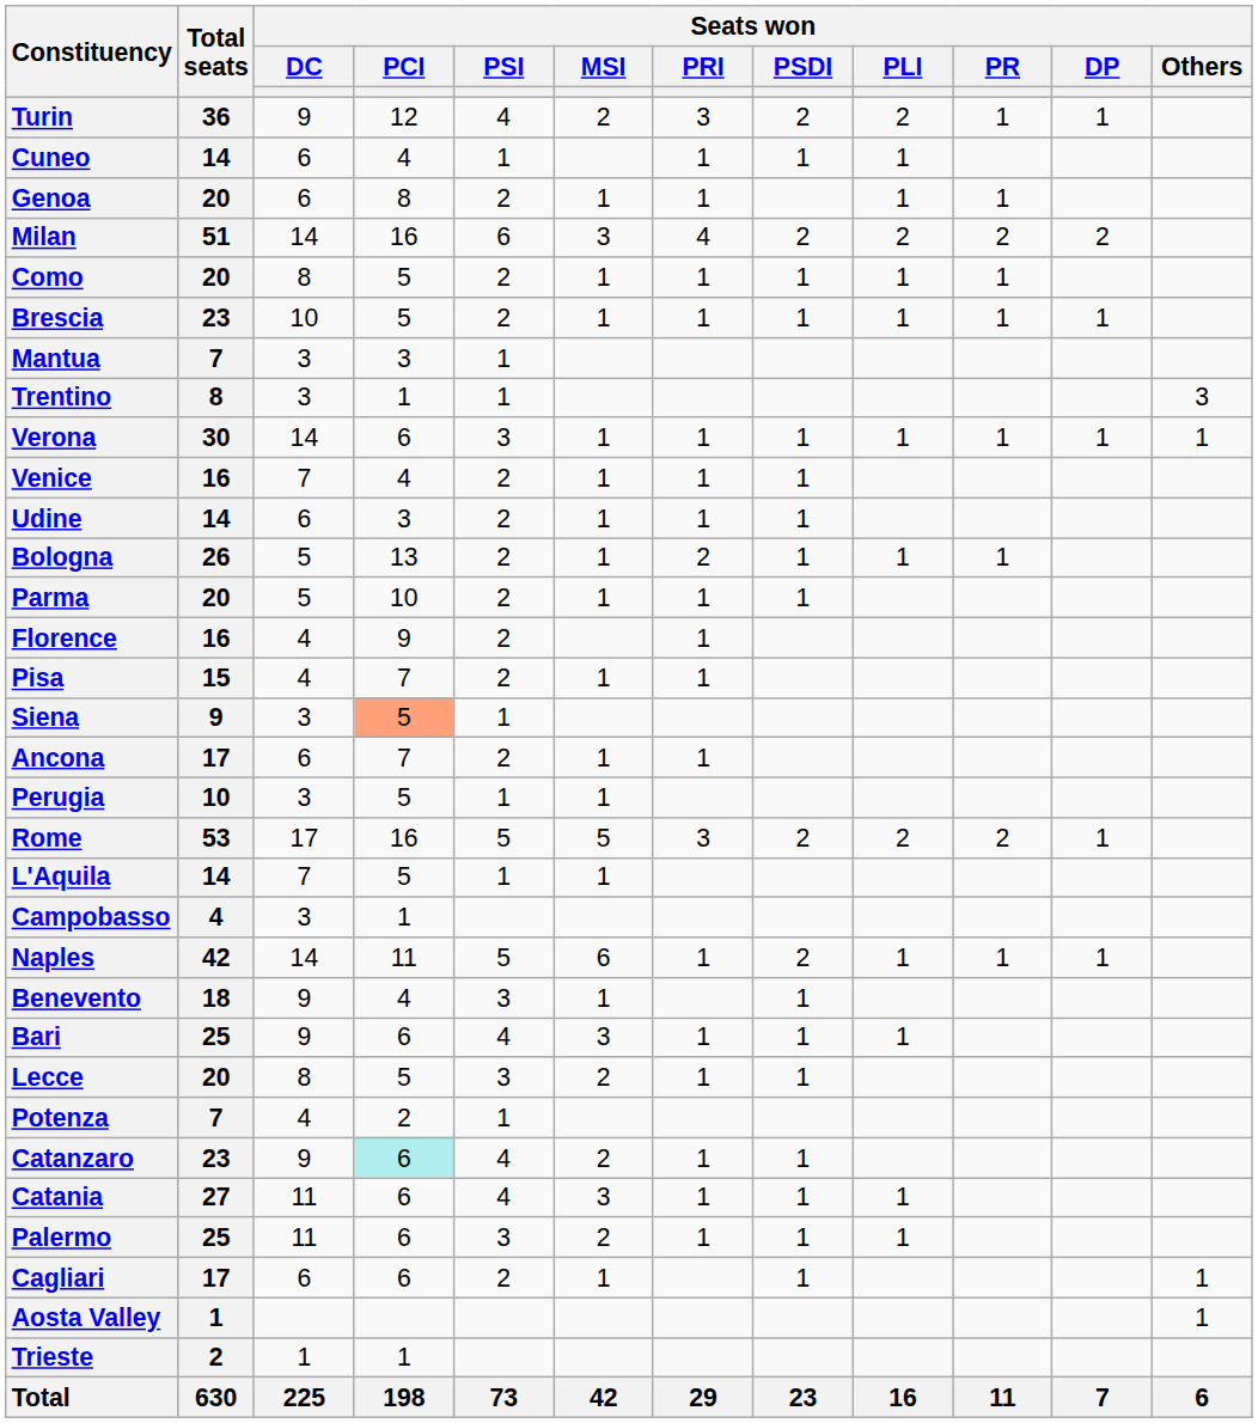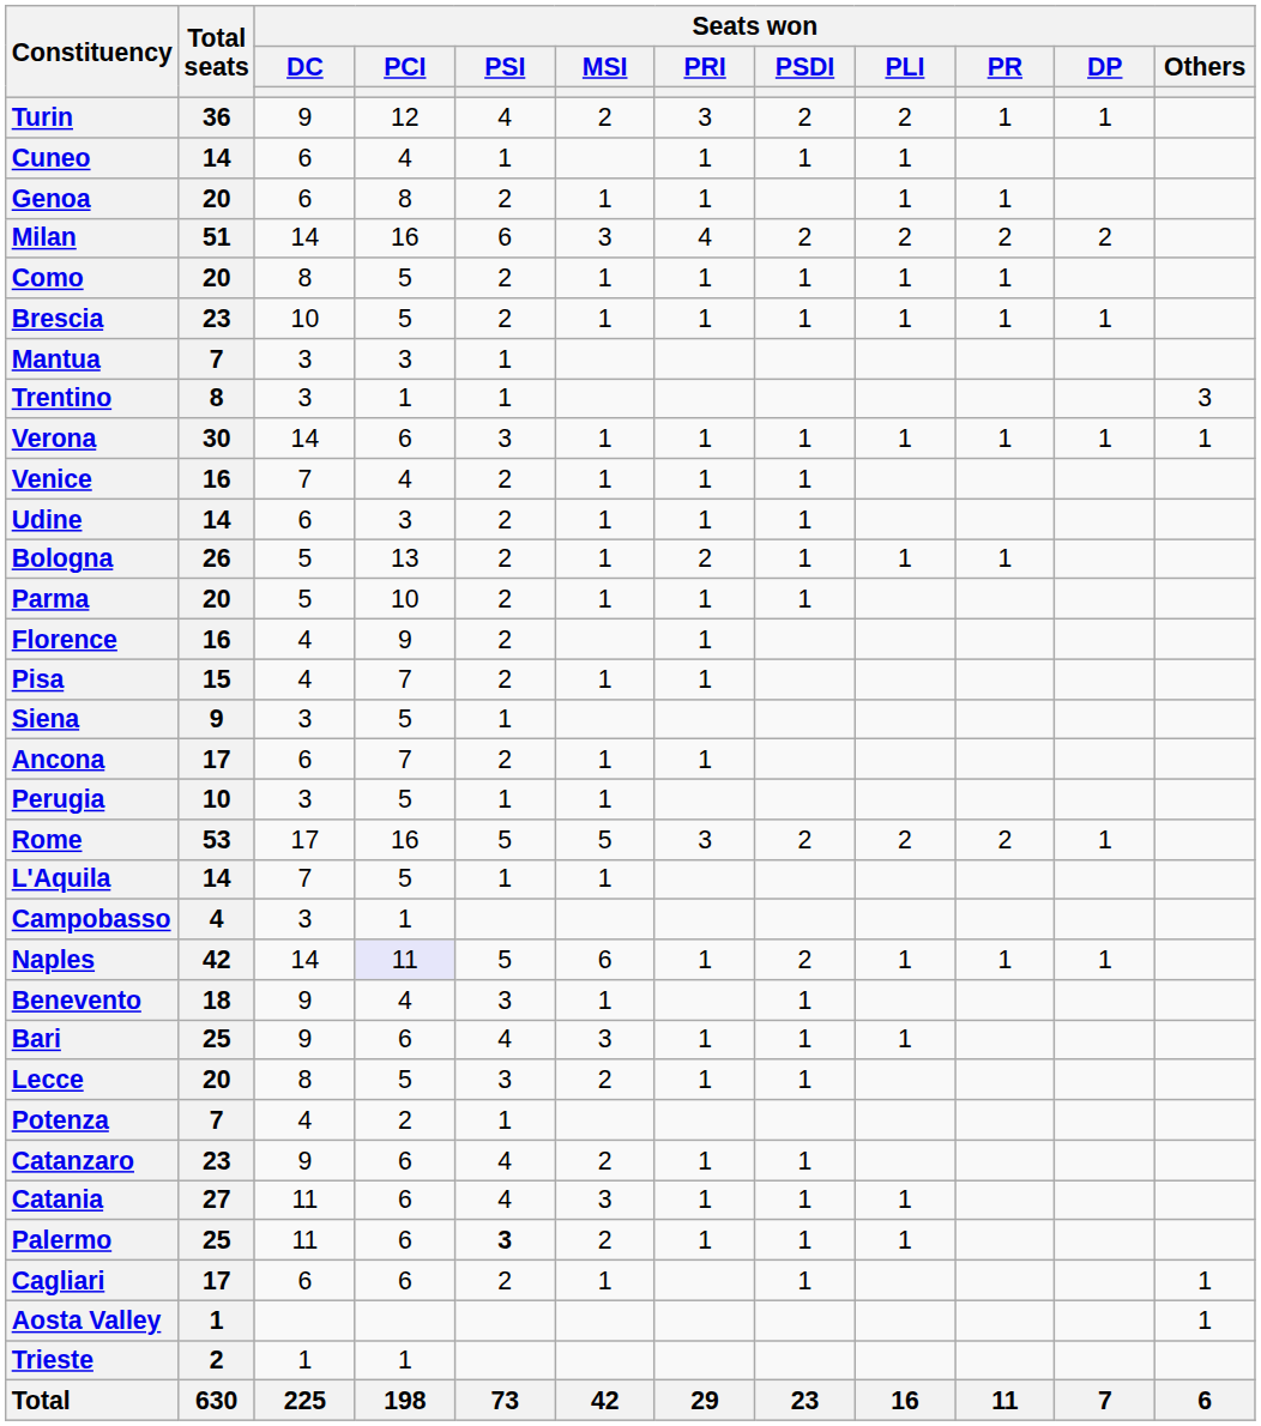 <table class="wikitable" style="text-align:center; font-size: 0.9em">
 <tr>
 <th rowspan="3">Constituency</th>
 <th rowspan="3">Total<br>seats</th>
 <th colspan="10">Seats won</th>
 </tr>
 <tr>
 <th class="unsortable" style="width:50px;"><a href='#'>DC</a></th>
 <th class="unsortable" style="width:50px;"><a href='#'>PCI</a></th>
 <th class="unsortable" style="width:50px;"><a href='#'>PSI</a></th>
 <th class="unsortable" style="width:50px;"><a href='#'>MSI</a></th>
 <th class="unsortable" style="width:50px;"><a href='#'>PRI</a></th>
 <th class="unsortable" style="width:50px;"><a href='#'>PSDI</a></th>
 <th class="unsortable" style="width:50px;"><a href='#'>PLI</a></th>
 <th class="unsortable" style="width:50px;"><a href='#'>PR</a></th>
 <th class="unsortable" style="width:50px;"><a href='#'>DP</a></th>
 <th class="unsortable" style="width:50px;">Others</th>
 </tr>
 <tr>
 <th style="background:"></th>
 <th style="background:"></th>
 <th style="background:"></th>
 <th style="background:"></th>
 <th style="background:"></th>
 <th style="background:"></th>
 <th style="background:"></th>
 <th style="background:"></th>
 <th style="background:"></th>
 <th style="background:"></th>
 </tr>
 <tr>
 <th style="text-align: left;"><a href='#'>Turin</a></th>
 <th>36</th>
 <td>9</td>
 <td>12</td>
 <td>4</td>
 <td>2</td>
 <td>3</td>
 <td>2</td>
 <td>2</td>
 <td>1</td>
 <td>1</td>
 <td></td>
 </tr>
 <tr>
 <th style="text-align: left;"><a href='#'>Cuneo</a></th>
 <th>14</th>
 <td>6</td>
 <td>4</td>
 <td>1</td>
 <td></td>
 <td>1</td>
 <td>1</td>
 <td>1</td>
 <td></td>
 <td></td>
 <td></td>
 </tr>
 <tr>
 <th style="text-align: left;"><a href='#'>Genoa</a></th>
 <th>20</th>
 <td>6</td>
 <td>8</td>
 <td>2</td>
 <td>1</td>
 <td>1</td>
 <td></td>
 <td>1</td>
 <td>1</td>
 <td></td>
 <td></td>
 </tr>
 <tr>
 <th style="text-align: left;"><a href='#'>Milan</a></th>
 <th>51</th>
 <td>14</td>
 <td>16</td>
 <td>6</td>
 <td>3</td>
 <td>4</td>
 <td>2</td>
 <td>2</td>
 <td>2</td>
 <td>2</td>
 <td></td>
 </tr>
 <tr>
 <th style="text-align: left;"><a href='#'>Como</a></th>
 <th>20</th>
 <td>8</td>
 <td>5</td>
 <td>2</td>
 <td>1</td>
 <td>1</td>
 <td>1</td>
 <td>1</td>
 <td>1</td>
 <td></td>
 <td></td>
 </tr>
 <tr>
 <th style="text-align: left;"><a href='#'>Brescia</a></th>
 <th>23</th>
 <td>10</td>
 <td>5</td>
 <td>2</td>
 <td>1</td>
 <td>1</td>
 <td>1</td>
 <td>1</td>
 <td>1</td>
 <td>1</td>
 <td></td>
 </tr>
 <tr>
 <th style="text-align: left;"><a href='#'>Mantua</a></th>
 <th>7</th>
 <td>3</td>
 <td>3</td>
 <td>1</td>
 <td></td>
 <td></td>
 <td></td>
 <td></td>
 <td></td>
 <td></td>
 <td></td>
 </tr>
 <tr>
 <th style="text-align: left;"><a href='#'>Trentino</a></th>
 <th>8</th>
 <td>3</td>
 <td>1</td>
 <td>1</td>
 <td></td>
 <td></td>
 <td></td>
 <td></td>
 <td></td>
 <td></td>
 <td>3</td>
 </tr>
 <tr>
 <th style="text-align: left;"><a href='#'>Verona</a></th>
 <th>30</th>
 <td>14</td>
 <td>6</td>
 <td>3</td>
 <td>1</td>
 <td>1</td>
 <td>1</td>
 <td>1</td>
 <td>1</td>
 <td>1</td>
 <td>1</td>
 </tr>
 <tr>
 <th style="text-align: left;"><a href='#'>Venice</a></th>
 <th>16</th>
 <td>7</td>
 <td>4</td>
 <td>2</td>
 <td>1</td>
 <td>1</td>
 <td>1</td>
 <td></td>
 <td></td>
 <td></td>
 <td></td>
 </tr>
 <tr>
 <th style="text-align: left;"><a href='#'>Udine</a></th>
 <th>14</th>
 <td>6</td>
 <td>3</td>
 <td>2</td>
 <td>1</td>
 <td>1</td>
 <td>1</td>
 <td></td>
 <td></td>
 <td></td>
 <td></td>
 </tr>
 <tr>
 <th style="text-align: left;"><a href='#'>Bologna</a></th>
 <th>26</th>
 <td>5</td>
 <td>13</td>
 <td>2</td>
 <td>1</td>
 <td>2</td>
 <td>1</td>
 <td>1</td>
 <td>1</td>
 <td></td>
 <td></td>
 </tr>
 <tr>
 <th style="text-align: left;"><a href='#'>Parma</a></th>
 <th>20</th>
 <td>5</td>
 <td>10</td>
 <td>2</td>
 <td>1</td>
 <td>1</td>
 <td>1</td>
 <td></td>
 <td></td>
 <td></td>
 <td></td>
 </tr>
 <tr>
 <th style="text-align: left;"><a href='#'>Florence</a></th>
 <th>16</th>
 <td>4</td>
 <td>9</td>
 <td>2</td>
 <td></td>
 <td>1</td>
 <td></td>
 <td></td>
 <td></td>
 <td></td>
 <td></td>
 </tr>
 <tr>
 <th style="text-align: left;"><a href='#'>Pisa</a></th>
 <th>15</th>
 <td>4</td>
 <td>7</td>
 <td>2</td>
 <td>1</td>
 <td>1</td>
 <td></td>
 <td></td>
 <td></td>
 <td></td>
 <td></td>
 </tr>
 <tr>
 <th style="text-align: left;"><a href='#'>Siena</a></th>
 <th>9</th>
 <td>3</td>
-<td style="background: lightsalmon;">5</td>
+<td>5</td>
 <td>1</td>
 <td></td>
 <td></td>
 <td></td>
 <td></td>
 <td></td>
 <td></td>
 <td></td>
 </tr>
 <tr>
 <th style="text-align: left;"><a href='#'>Ancona</a></th>
 <th>17</th>
 <td>6</td>
 <td>7</td>
 <td>2</td>
 <td>1</td>
 <td>1</td>
 <td></td>
 <td></td>
 <td></td>
 <td></td>
 <td></td>
 </tr>
 <tr>
 <th style="text-align: left;"><a href='#'>Perugia</a></th>
 <th>10</th>
 <td>3</td>
 <td>5</td>
 <td>1</td>
 <td>1</td>
 <td></td>
 <td></td>
 <td></td>
 <td></td>
 <td></td>
 <td></td>
 </tr>
 <tr>
 <th style="text-align: left;"><a href='#'>Rome</a></th>
 <th>53</th>
 <td>17</td>
 <td>16</td>
 <td>5</td>
 <td>5</td>
 <td>3</td>
 <td>2</td>
 <td>2</td>
 <td>2</td>
 <td>1</td>
 <td></td>
 </tr>
 <tr>
 <th style="text-align: left;"><a href='#'>L'Aquila</a></th>
 <th>14</th>
 <td>7</td>
 <td>5</td>
 <td>1</td>
 <td>1</td>
 <td></td>
 <td></td>
 <td></td>
 <td></td>
 <td></td>
 <td></td>
 </tr>
 <tr>
 <th style="text-align: left;"><a href='#'>Campobasso</a></th>
 <th>4</th>
 <td>3</td>
 <td>1</td>
 <td></td>
 <td></td>
 <td></td>
 <td></td>
 <td></td>
 <td></td>
 <td></td>
 <td></td>
 </tr>
 <tr>
 <th style="text-align: left;"><a href='#'>Naples</a></th>
 <th>42</th>
 <td>14</td>
-<td>11</td>
+<td style="background: lavender;">11</td>
 <td>5</td>
 <td>6</td>
 <td>1</td>
 <td>2</td>
 <td>1</td>
 <td>1</td>
 <td>1</td>
 <td></td>
 </tr>
 <tr>
 <th style="text-align: left;"><a href='#'>Benevento</a></th>
 <th>18</th>
 <td>9</td>
 <td>4</td>
 <td>3</td>
 <td>1</td>
 <td></td>
 <td>1</td>
 <td></td>
 <td></td>
 <td></td>
 <td></td>
 </tr>
 <tr>
 <th style="text-align: left;"><a href='#'>Bari</a></th>
 <th>25</th>
 <td>9</td>
 <td>6</td>
 <td>4</td>
 <td>3</td>
 <td>1</td>
 <td>1</td>
 <td>1</td>
 <td></td>
 <td></td>
 <td></td>
 </tr>
 <tr>
 <th style="text-align: left;"><a href='#'>Lecce</a></th>
 <th>20</th>
 <td>8</td>
 <td>5</td>
 <td>3</td>
 <td>2</td>
 <td>1</td>
 <td>1</td>
 <td></td>
 <td></td>
 <td></td>
 <td></td>
 </tr>
 <tr>
 <th style="text-align: left;"><a href='#'>Potenza</a></th>
 <th>7</th>
 <td>4</td>
 <td>2</td>
 <td>1</td>
 <td></td>
 <td></td>
 <td></td>
 <td></td>
 <td></td>
 <td></td>
 <td></td>
 </tr>
 <tr>
 <th style="text-align: left;"><a href='#'>Catanzaro</a></th>
 <th>23</th>
 <td>9</td>
-<td style="background: paleturquoise;">6</td>
+<td>6</td>
 <td>4</td>
 <td>2</td>
 <td>1</td>
 <td>1</td>
 <td></td>
 <td></td>
 <td></td>
 <td></td>
 </tr>
 <tr>
 <th style="text-align: left;"><a href='#'>Catania</a></th>
 <th>27</th>
 <td>11</td>
 <td>6</td>
 <td>4</td>
 <td>3</td>
 <td>1</td>
 <td>1</td>
 <td>1</td>
 <td></td>
 <td></td>
 <td></td>
 </tr>
 <tr>
 <th style="text-align: left;"><a href='#'>Palermo</a></th>
 <th>25</th>
 <td>11</td>
 <td>6</td>
-<td>3</td>
+<td><strong>3</strong></td>
 <td>2</td>
 <td>1</td>
 <td>1</td>
 <td>1</td>
 <td></td>
 <td></td>
 <td></td>
 </tr>
 <tr>
 <th style="text-align: left;"><a href='#'>Cagliari</a></th>
 <th>17</th>
 <td>6</td>
 <td>6</td>
 <td>2</td>
 <td>1</td>
 <td></td>
 <td>1</td>
 <td></td>
 <td></td>
 <td></td>
 <td>1</td>
 </tr>
 <tr>
 <th style="text-align: left;"><a href='#'>Aosta Valley</a></th>
 <th>1</th>
 <td></td>
 <td></td>
 <td></td>
 <td></td>
 <td></td>
 <td></td>
 <td></td>
 <td></td>
 <td></td>
 <td>1</td>
 </tr>
 <tr>
 <th style="text-align: left;"><a href='#'>Trieste</a></th>
 <th>2</th>
 <td>1</td>
 <td>1</td>
 <td></td>
 <td></td>
 <td></td>
 <td></td>
 <td></td>
 <td></td>
 <td></td>
 <td></td>
 </tr>
 <tr>
 <th style="text-align: left;">Total</th>
 <th>630</th>
 <th>225</th>
 <th>198</th>
 <th>73</th>
 <th>42</th>
 <th>29</th>
 <th>23</th>
 <th>16</th>
 <th>11</th>
 <th>7</th>
 <th>6</th>
 </tr>
 </table>
